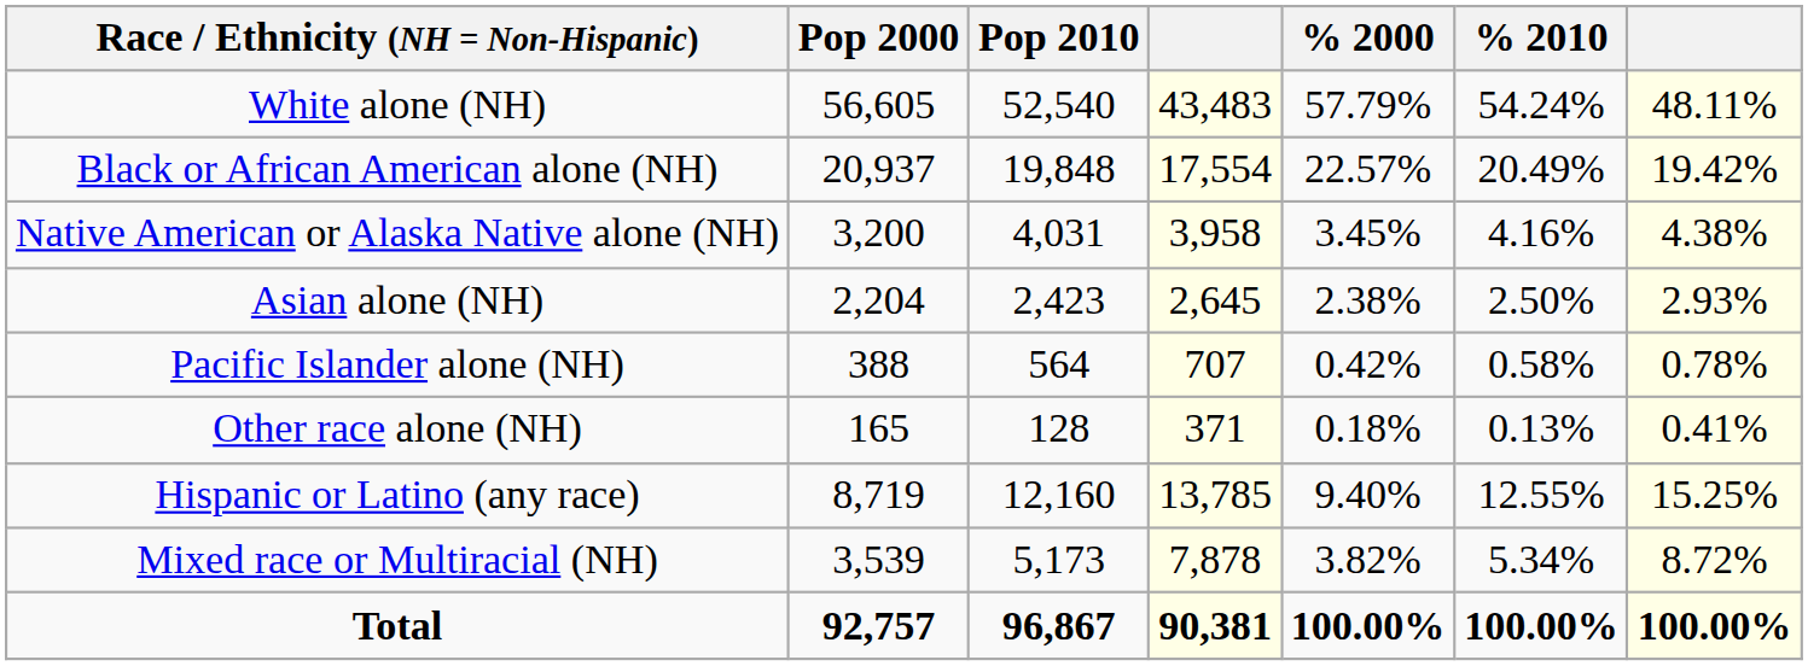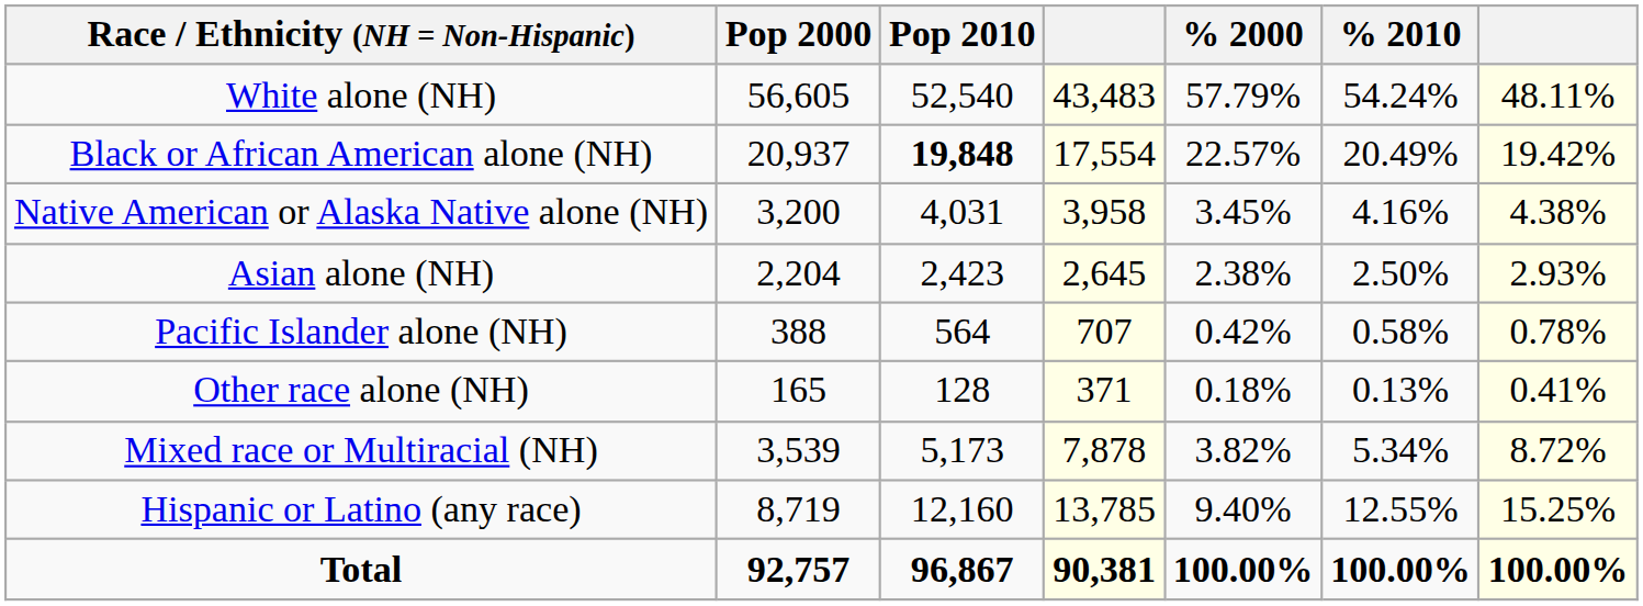 <table class="wikitable" style="text-align:center;">
 <tr>
 <th>Race / Ethnicity <small>(<em>NH = Non-Hispanic</em>)</small></th>
 <th>Pop 2000</th>
 <th>Pop 2010</th>
 <th></th>
 <th>% 2000</th>
 <th>% 2010</th>
 <th></th>
 </tr>
 <tr>
 <td><a href='#'>White</a> alone (NH)</td>
 <td>56,605</td>
 <td>52,540</td>
 <td style='background: #ffffe6;'>43,483</td>
 <td>57.79%</td>
 <td>54.24%</td>
 <td style='background: #ffffe6;'>48.11%</td>
 </tr>
 <tr>
 <td><a href='#'>Black or African American</a> alone (NH)</td>
 <td>20,937</td>
-<td>19,848</td>
+<td><strong>19,848</strong></td>
 <td style='background: #ffffe6;'>17,554</td>
 <td>22.57%</td>
 <td>20.49%</td>
 <td style='background: #ffffe6;'>19.42%</td>
 </tr>
 <tr>
 <td><a href='#'>Native American</a> or <a href='#'>Alaska Native</a> alone (NH)</td>
 <td>3,200</td>
 <td>4,031</td>
 <td style='background: #ffffe6;'>3,958</td>
 <td>3.45%</td>
 <td>4.16%</td>
 <td style='background: #ffffe6;'>4.38%</td>
 </tr>
 <tr>
 <td><a href='#'>Asian</a> alone (NH)</td>
 <td>2,204</td>
 <td>2,423</td>
 <td style='background: #ffffe6;'>2,645</td>
 <td>2.38%</td>
 <td>2.50%</td>
 <td style='background: #ffffe6;'>2.93%</td>
 </tr>
 <tr>
 <td><a href='#'>Pacific Islander</a> alone (NH)</td>
 <td>388</td>
 <td>564</td>
 <td style='background: #ffffe6;'>707</td>
 <td>0.42%</td>
 <td>0.58%</td>
 <td style='background: #ffffe6;'>0.78%</td>
 </tr>
 <tr>
 <td><a href='#'>Other race</a> alone (NH)</td>
 <td>165</td>
 <td>128</td>
 <td style='background: #ffffe6;'>371</td>
 <td>0.18%</td>
 <td>0.13%</td>
 <td style='background: #ffffe6;'>0.41%</td>
 </tr>
 <tr>
+<td><a href='#'>Mixed race or Multiracial</a> (NH)</td>
+<td>3,539</td>
+<td>5,173</td>
+<td style='background: #ffffe6;'>7,878</td>
+<td>3.82%</td>
+<td>5.34%</td>
+<td style='background: #ffffe6;'>8.72%</td>
+</tr>
+<tr>
 <td><a href='#'>Hispanic or Latino</a> (any race)</td>
 <td>8,719</td>
 <td>12,160</td>
 <td style='background: #ffffe6;'>13,785</td>
 <td>9.40%</td>
 <td>12.55%</td>
 <td style='background: #ffffe6;'>15.25%</td>
-</tr>
-<tr>
-<td><a href='#'>Mixed race or Multiracial</a> (NH)</td>
-<td>3,539</td>
-<td>5,173</td>
-<td style='background: #ffffe6;'>7,878</td>
-<td>3.82%</td>
-<td>5.34%</td>
-<td style='background: #ffffe6;'>8.72%</td>
 </tr>
 <tr>
 <td><strong>Total</strong></td>
 <td><strong>92,757</strong></td>
 <td><strong>96,867</strong></td>
 <td style='background: #ffffe6;'><strong>90,381</strong></td>
 <td><strong>100.00%</strong></td>
 <td><strong>100.00%</strong></td>
 <td style='background: #ffffe6;'><strong>100.00%</strong></td>
 </tr>
 </table>
